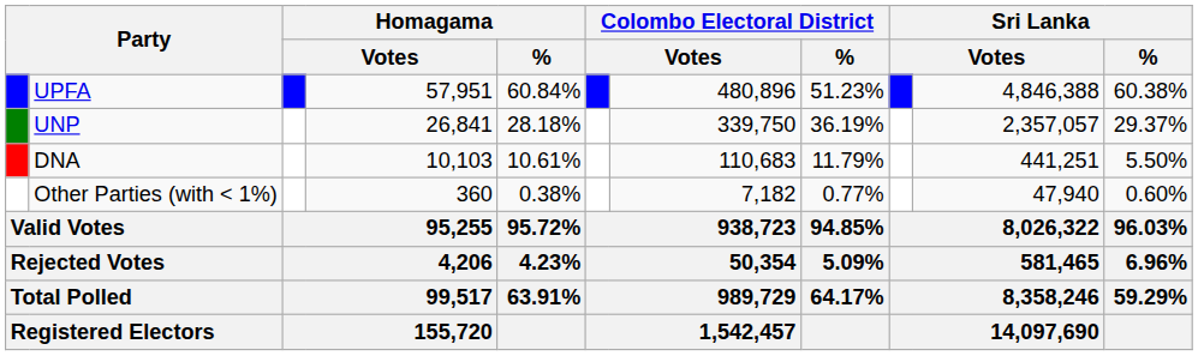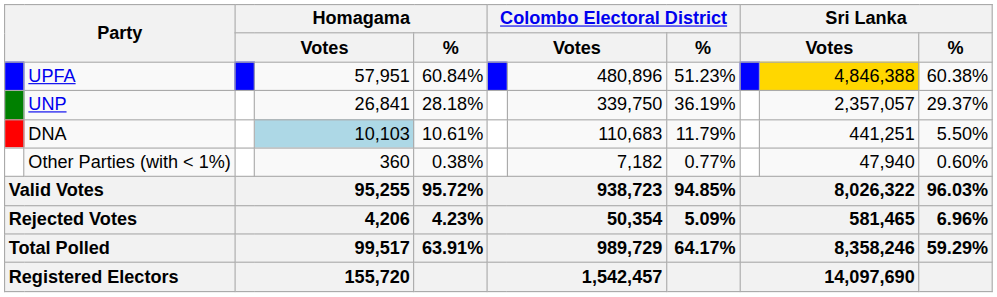 <table class="wikitable">
 <tr>
 <th colspan="2" width="144px"rowspan="2">Party</th>
 <th colspan="3" width="216px">Homagama</th>
 <th colspan="3" width="216px"><a href='#'>Colombo Electoral District</a></th>
 <th colspan="3" width="216px">Sri Lanka</th>
 </tr>
 <tr>
 <th colspan="2" width="144px">Votes</th>
 <th>%</th>
 <th colspan="2" width="144px">Votes</th>
 <th>%</th>
 <th colspan="2" width="144px">Votes</th>
 <th>%</th>
 </tr>
 <tr>
 <td style="background-color:blue;" width="10px"></td>
 <td style="text-align:left;"><a href='#'>UPFA</a></td>
 <td style="background-color:blue;" width="10px"></td>
 <td style="text-align:right;">57,951</td>
 <td style="text-align:right;">60.84%</td>
 <td style="background-color:blue;" width="10px"></td>
 <td style="text-align:right;">480,896</td>
 <td style="text-align:right;">51.23%</td>
 <td style="background-color:blue;" width="10px"></td>
-<td style="text-align:right;">4,846,388</td>
+<td style="background: gold; text-align:right;">4,846,388</td>
 <td style="text-align:right;">60.38%</td>
 </tr>
 <tr>
 <td style="background-color:green;" width="10px"></td>
 <td style="text-align:left;"><a href='#'>UNP</a></td>
 <td style="background-color:white;" width="10px"></td>
 <td style="text-align:right;">26,841</td>
 <td style="text-align:right;">28.18%</td>
 <td style="background-color:white;" width="10px"></td>
 <td style="text-align:right;">339,750</td>
 <td style="text-align:right;">36.19%</td>
 <td style="background-color:white;" width="10px"></td>
 <td style="text-align:right;">2,357,057</td>
 <td style="text-align:right;">29.37%</td>
 </tr>
 <tr>
 <td style="background-color:red;" width="10px"></td>
 <td style="text-align:left;">DNA</td>
 <td style="background-color:white;" width="10px"></td>
-<td style="text-align:right;">10,103</td>
+<td style="background: lightblue; text-align:right;">10,103</td>
 <td style="text-align:right;">10.61%</td>
 <td style="background-color:white;" width="10px"></td>
 <td style="text-align:right;">110,683</td>
 <td style="text-align:right;">11.79%</td>
 <td style="background-color:white;" width="10px"></td>
 <td style="text-align:right;">441,251</td>
 <td style="text-align:right;">5.50%</td>
 </tr>
 <tr>
 <td style="background-color:white;" width="10px"></td>
 <td style="text-align:left;">Other Parties (with < 1%)</td>
 <td style="background-color:white;" width="10px"></td>
 <td style="text-align:right;">360</td>
 <td style="text-align:right;">0.38%</td>
 <td style="background-color:white;" width="10px"></td>
 <td style="text-align:right;">7,182</td>
 <td style="text-align:right;">0.77%</td>
 <td style="background-color:white;" width="10px"></td>
 <td style="text-align:right;">47,940</td>
 <td style="text-align:right;">0.60%</td>
 </tr>
 <tr>
 <th colspan="2" width="144px"style="text-align:left;">Valid Votes</th>
 <th style="text-align:right;"colspan="2" width="144px">95,255</th>
 <th style="text-align:right;">95.72%</th>
 <th style="text-align:right;"colspan="2" width="144px">938,723</th>
 <th style="text-align:right;">94.85%</th>
 <th style="text-align:right;"colspan="2" width="144px">8,026,322</th>
 <th style="text-align:right;">96.03%</th>
 </tr>
 <tr>
 <th colspan="2" width="144px"style="text-align:left;">Rejected Votes</th>
 <th style="text-align:right;"colspan="2" width="144px">4,206</th>
 <th style="text-align:right;">4.23%</th>
 <th style="text-align:right;"colspan="2" width="144px">50,354</th>
 <th style="text-align:right;">5.09%</th>
 <th style="text-align:right;"colspan="2" width="144px">581,465</th>
 <th style="text-align:right;">6.96%</th>
 </tr>
 <tr>
 <th colspan="2" width="144px"style="text-align:left;">Total Polled</th>
 <th style="text-align:right;"colspan="2" width="144px">99,517</th>
 <th style="text-align:right;">63.91%</th>
 <th style="text-align:right;"colspan="2" width="144px">989,729</th>
 <th style="text-align:right;">64.17%</th>
 <th style="text-align:right;"colspan="2" width="144px">8,358,246</th>
 <th style="text-align:right;">59.29%</th>
 </tr>
 <tr>
 <th colspan="2" width="144px"style="text-align:left;">Registered Electors</th>
 <th style="text-align:right;"colspan="2" width="144px">155,720</th>
 <th></th>
 <th style="text-align:right;"colspan="2" width="144px">1,542,457</th>
 <th></th>
 <th style="text-align:right;"colspan="2" width="144px">14,097,690</th>
 <th></th>
 </tr>
 </table>
